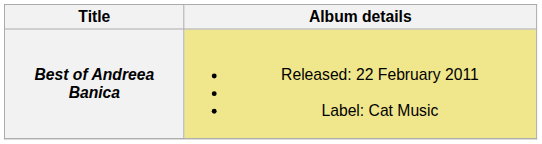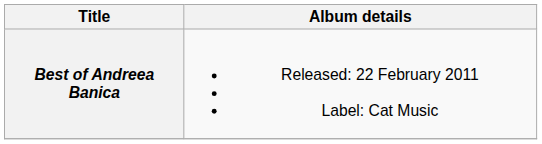 <table class="wikitable plainrowheaders" style="text-align:center;">
 <tr>
 <th scope="col" style="width:11em;">Title</th>
 <th scope="col" style="width:22em;">Album details</th>
 </tr>
 <tr>
 <th scope="row"><em>Best of Andreea Banica</em></th>
-<td style="background: khaki;"><br><ul><li>Released: 22 February 2011</li><li></li><li>Label: Cat Music</li></ul></td>
+<td><br><ul><li>Released: 22 February 2011</li><li></li><li>Label: Cat Music</li></ul></td>
 </tr>
 <tr>
 </tr>
 </table>
